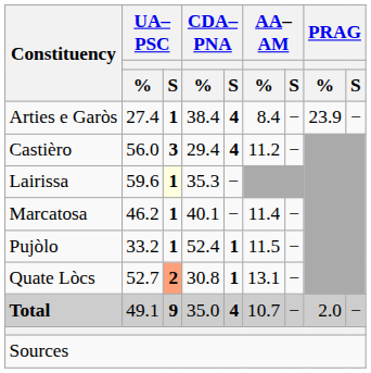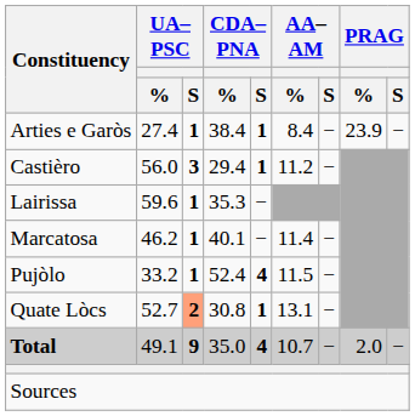 <table class="wikitable sortable" style="text-align:right; line-height:20px;">
 <tr>
 <th rowspan="3">Constituency</th>
 <th colspan="2" width="30px" class="unsortable"><a href='#'>UA–PSC</a></th>
 <th colspan="2" width="30px" class="unsortable"><a href='#'>CDA–PNA</a></th>
 <th colspan="2" width="30px" class="unsortable"><a href='#'>AA</a>–<a href='#'>AM</a></th>
 <th colspan="2" width="30px" class="unsortable"><a href='#'>PRAG</a></th>
 </tr>
 <tr>
 <th colspan="2" style="background:"></th>
 <th colspan="2" style="background:"></th>
 <th colspan="2" style="background:"></th>
 <th colspan="2" style="background:"></th>
 </tr>
 <tr>
 <th data-sort-type="number">%</th>
 <th data-sort-type="number">S</th>
 <th data-sort-type="number">%</th>
 <th data-sort-type="number">S</th>
 <th data-sort-type="number">%</th>
 <th data-sort-type="number">S</th>
 <th data-sort-type="number">%</th>
 <th data-sort-type="number">S</th>
 </tr>
 <tr>
 <td align="left">Arties e Garòs</td>
 <td>27.4</td>
 <td><strong>1</strong></td>
 <td style="background:">38.4</td>
-<td><strong>4</strong></td>
+<td><strong>1</strong></td>
 <td>8.4</td>
 <td>−</td>
 <td>23.9</td>
 <td>−</td>
 </tr>
 <tr>
 <td align="left">Castièro</td>
 <td style="background:">56.0</td>
 <td><strong>3</strong></td>
 <td>29.4</td>
-<td><strong>4</strong></td>
+<td><strong>1</strong></td>
 <td>11.2</td>
 <td>−</td>
 <td rowspan="5" colspan="2" bgcolor="#AAAAAA"></td>
 </tr>
 <tr>
 <td align="left">Lairissa</td>
 <td style="background:">59.6</td>
-<td style="background: lightyellow;"><strong>1</strong></td>
+<td><strong>1</strong></td>
 <td>35.3</td>
 <td>−</td>
 <td colspan="2" bgcolor="#AAAAAA"></td>
 </tr>
 <tr>
 <td align="left">Marcatosa</td>
 <td style="background:">46.2</td>
 <td><strong>1</strong></td>
 <td>40.1</td>
 <td>−</td>
 <td>11.4</td>
 <td>−</td>
 </tr>
 <tr>
 <td align="left">Pujòlo</td>
 <td>33.2</td>
 <td><strong>1</strong></td>
 <td style="background:">52.4</td>
-<td><strong>1</strong></td>
+<td><strong>4</strong></td>
 <td>11.5</td>
 <td>−</td>
 </tr>
 <tr>
 <td align="left">Quate Lòcs</td>
 <td style="background:">52.7</td>
 <td style="background: lightsalmon;"><strong>2</strong></td>
 <td>30.8</td>
 <td><strong>1</strong></td>
 <td>13.1</td>
 <td>−</td>
 </tr>
 <tr style="background:#CDCDCD;">
 <td align="left"><strong>Total</strong></td>
 <td style="background:">49.1</td>
 <td><strong>9</strong></td>
 <td>35.0</td>
 <td><strong>4</strong></td>
 <td>10.7</td>
 <td>−</td>
 <td>2.0</td>
 <td>−</td>
 </tr>
 <tr>
 <th colspan="9"></th>
 </tr>
 <tr>
 <th style="text-align:left; font-weight:normal; background:#F9F9F9" colspan="9">Sources</th>
 </tr>
 </table>
